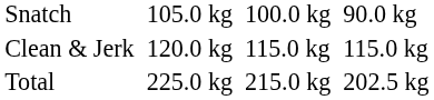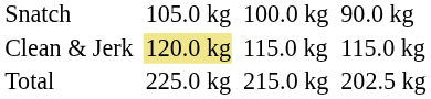 <table>
 <tr>
 <td>Snatch</td>
 <td></td>
 <td>105.0 kg</td>
 <td></td>
 <td>100.0 kg</td>
 <td></td>
 <td>90.0 kg</td>
 </tr>
 <tr>
 <td>Clean & Jerk</td>
 <td></td>
-<td>120.0 kg</td>
+<td style="background: khaki;">120.0 kg</td>
 <td></td>
 <td>115.0 kg</td>
 <td></td>
 <td>115.0 kg</td>
 </tr>
 <tr>
 <td>Total</td>
 <td></td>
 <td>225.0 kg</td>
 <td></td>
 <td>215.0 kg</td>
 <td></td>
 <td>202.5 kg</td>
 </tr>
 </table>
